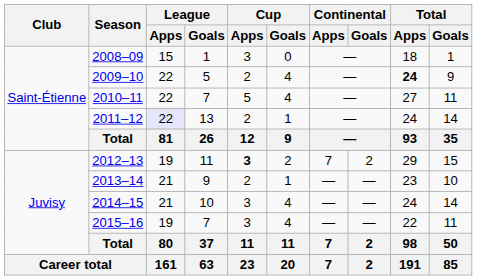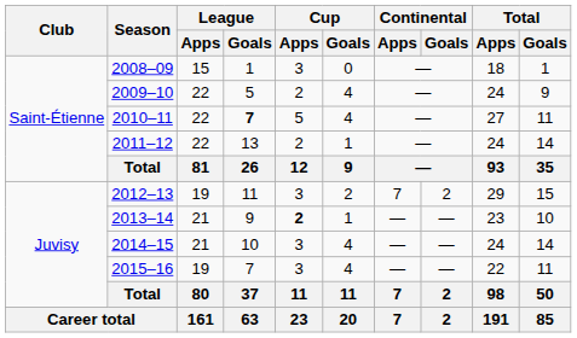 <table class="wikitable" style="text-align: center;">
 <tr>
 <th rowspan="2">Club</th>
 <th rowspan="2">Season</th>
 <th colspan="2">League</th>
 <th colspan="2">Cup</th>
 <th colspan="2">Continental</th>
 <th colspan="2">Total</th>
 </tr>
 <tr>
 <th>Apps</th>
 <th>Goals</th>
 <th>Apps</th>
 <th>Goals</th>
 <th>Apps</th>
 <th>Goals</th>
 <th>Apps</th>
 <th>Goals</th>
 </tr>
 <tr>
 <td rowspan="5" valign="center"><a href='#'>Saint-Étienne</a></td>
 <td><a href='#'>2008–09</a></td>
 <td>15</td>
 <td>1</td>
 <td>3</td>
 <td>0</td>
 <td colspan=2>—</td>
 <td>18</td>
 <td>1</td>
 </tr>
 <tr>
 <td><a href='#'>2009–10</a></td>
 <td>22</td>
 <td>5</td>
 <td>2</td>
 <td>4</td>
 <td colspan=2>—</td>
-<td><strong>24</strong></td>
+<td>24</td>
 <td>9</td>
 </tr>
 <tr>
 <td><a href='#'>2010–11</a></td>
 <td>22</td>
-<td>7</td>
+<td><strong>7</strong></td>
 <td>5</td>
 <td>4</td>
 <td colspan=2>—</td>
 <td>27</td>
 <td>11</td>
 </tr>
 <tr>
 <td><a href='#'>2011–12</a></td>
-<td style="background: lavender;">22</td>
+<td>22</td>
 <td>13</td>
 <td>2</td>
 <td>1</td>
 <td colspan=2>—</td>
 <td>24</td>
 <td>14</td>
 </tr>
 <tr>
 <th>Total</th>
 <th>81</th>
 <th>26</th>
 <th>12</th>
 <th>9</th>
 <th colspan=2>—</th>
 <th>93</th>
 <th>35</th>
 </tr>
 <tr>
 <td rowspan="5" valign="center"><a href='#'>Juvisy</a></td>
 <td><a href='#'>2012–13</a></td>
 <td>19</td>
 <td>11</td>
-<td><strong>3</strong></td>
+<td>3</td>
 <td>2</td>
 <td>7</td>
 <td>2</td>
 <td>29</td>
 <td>15</td>
 </tr>
 <tr>
 <td><a href='#'>2013–14</a></td>
 <td>21</td>
 <td>9</td>
-<td>2</td>
+<td><strong>2</strong></td>
 <td>1</td>
 <td>—</td>
 <td>—</td>
 <td>23</td>
 <td>10</td>
 </tr>
 <tr>
 <td><a href='#'>2014–15</a></td>
 <td>21</td>
 <td>10</td>
 <td>3</td>
 <td>4</td>
 <td>—</td>
 <td>—</td>
 <td>24</td>
 <td>14</td>
 </tr>
 <tr>
 <td><a href='#'>2015–16</a></td>
 <td>19</td>
 <td>7</td>
 <td>3</td>
 <td>4</td>
 <td>—</td>
 <td>—</td>
 <td>22</td>
 <td>11</td>
 </tr>
 <tr>
 <th>Total</th>
 <th>80</th>
 <th>37</th>
 <th>11</th>
 <th>11</th>
 <th>7</th>
 <th>2</th>
 <th>98</th>
 <th>50</th>
 </tr>
 <tr>
 <th colspan="2">Career total</th>
 <th>161</th>
 <th>63</th>
 <th>23</th>
 <th>20</th>
 <th>7</th>
 <th>2</th>
 <th>191</th>
 <th>85</th>
 </tr>
 </table>
